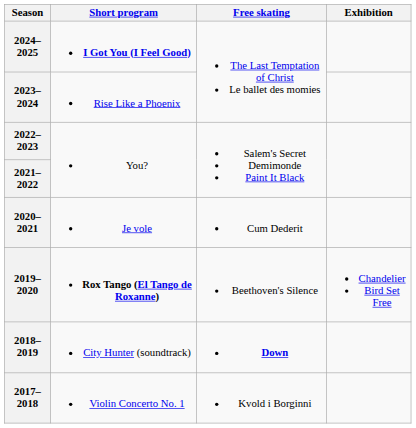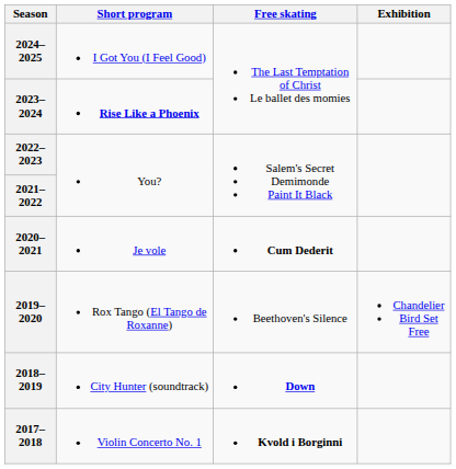 <table class=wikitable style=text-align:center>
 <tr>
 <th>Season</th>
 <th><a href='#'>Short program</a></th>
 <th><a href='#'>Free skating</a></th>
 <th>Exhibition</th>
 </tr>
 <tr>
 <th>2024–2025 <br> </th>
-<td><strong><br><ul><li><a href='#'>I Got You (I Feel Good)</a> <br> </li></ul></strong></td>
+<td><br><ul><li><a href='#'>I Got You (I Feel Good)</a> <br> </li></ul></td>
 <td rowspan=2><br><ul><li><a href='#'>The Last Temptation of Christ</a> <br> </li><li>Le ballet des momies <br> </li></ul></td>
 <td></td>
 </tr>
 <tr>
 <th>2023–2024 <br> </th>
-<td><br><ul><li><a href='#'>Rise Like a Phoenix</a> <br> </li></ul></td>
+<td><strong><br><ul><li><a href='#'>Rise Like a Phoenix</a> <br> </li></ul></strong></td>
 <td></td>
 </tr>
 <tr>
 <th>2022–2023<br></th>
 <td rowspan=2><br><ul><li>You? <br> </li></ul></td>
 <td rowspan=2><br><ul><li>Salem's Secret <br> </li><li>Demimonde <br> </li><li><a href='#'>Paint It Black</a> <br> </li></ul></td>
 </tr>
 <tr>
 <th>2021–2022</th>
 </tr>
 <tr>
 <th>2020–2021<br></th>
 <td><br><ul><li><a href='#'>Je vole</a> <br> </li></ul></td>
-<td><br><ul><li>Cum Dederit<br></li></ul></td>
+<td><strong><br><ul><li>Cum Dederit<br></li></ul></strong></td>
 <td></td>
 </tr>
 <tr>
 <th>2019–2020<br></th>
-<td><strong><br><ul><li>Rox Tango (<a href='#'>El Tango de Roxanne</a>)<br></li></ul></strong></td>
+<td><br><ul><li>Rox Tango (<a href='#'>El Tango de Roxanne</a>)<br></li></ul></td>
 <td><br><ul><li>Beethoven's Silence<br></li></ul></td>
 <td><br><ul><li><a href='#'>Chandelier</a></li><li><a href='#'>Bird Set Free</a><br></li></ul></td>
 </tr>
 <tr>
 <th>2018–2019<br></th>
 <td><br><ul><li><a href='#'>City Hunter</a> (soundtrack)<br></li></ul></td>
 <td><strong><br><ul><li><a href='#'>Down</a><br></li></ul></strong></td>
 <td></td>
 </tr>
 <tr>
 <th>2017–2018<br></th>
 <td><br><ul><li><a href='#'>Violin Concerto No. 1</a><br></li></ul></td>
-<td><br><ul><li>Kvold i Borginni<br></li></ul></td>
+<td><strong><br><ul><li>Kvold i Borginni<br></li></ul></strong></td>
 <td></td>
 </tr>
 </table>
